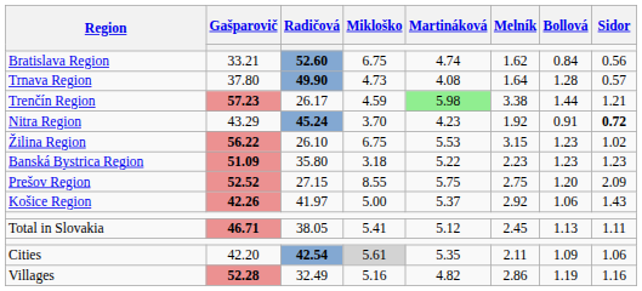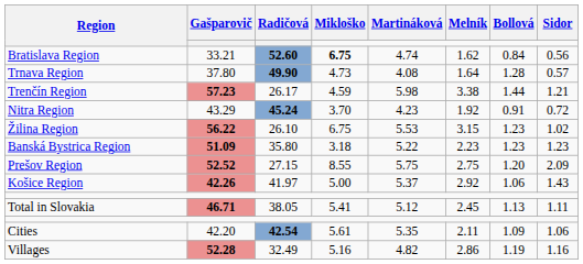 <table class="wikitable sortable" style="text-align:center;font-size:90%;line-height:14px">
 <tr style="height:40px;">
 <th style="width:200px;" rowspan="2"><a href='#'>Region</a></th>
 <th style="width:40px;"><a href='#'>Gašparovič</a></th>
 <th style="width:40px;"><a href='#'>Radičová</a></th>
 <th style="width:40px;"><a href='#'>Mikloško</a></th>
 <th style="width:40px;"><a href='#'>Martináková</a></th>
 <th style="width:40px;"><a href='#'>Melník</a></th>
 <th style="width:40px;"><a href='#'>Bollová</a></th>
 <th style="width:40px;"><a href='#'>Sidor</a></th>
 </tr>
 <tr>
 <th style="background:"></th>
 <th style="background:"></th>
 </tr>
 <tr>
 <td align="left"><a href='#'>Bratislava Region</a></td>
 <td>33.21</td>
 <td style="background:#83a8d2;"><strong>52.60</strong></td>
-<td>6.75</td>
+<td><strong>6.75</strong></td>
 <td>4.74</td>
 <td>1.62</td>
 <td>0.84</td>
 <td>0.56</td>
 </tr>
 <tr>
 <td align="left"><a href='#'>Trnava Region</a></td>
 <td>37.80</td>
 <td style="background:#83a8d2;"><strong>49.90</strong></td>
 <td>4.73</td>
 <td>4.08</td>
 <td>1.64</td>
 <td>1.28</td>
 <td>0.57</td>
 </tr>
 <tr>
 <td align="left"><a href='#'>Trenčín Region</a></td>
 <td style="background:#ec9191;"><strong>57.23</strong></td>
 <td>26.17</td>
 <td>4.59</td>
-<td style="background: lightgreen;">5.98</td>
+<td>5.98</td>
 <td>3.38</td>
 <td>1.44</td>
 <td>1.21</td>
 </tr>
 <tr>
 <td align="left"><a href='#'>Nitra Region</a></td>
 <td>43.29</td>
 <td style="background:#83a8d2;"><strong>45.24</strong></td>
 <td>3.70</td>
 <td>4.23</td>
 <td>1.92</td>
 <td>0.91</td>
-<td><strong>0.72</strong></td>
+<td>0.72</td>
 </tr>
 <tr>
 <td align="left"><a href='#'>Žilina Region</a></td>
 <td style="background:#ec9191;"><strong>56.22</strong></td>
 <td>26.10</td>
 <td>6.75</td>
 <td>5.53</td>
 <td>3.15</td>
 <td>1.23</td>
 <td>1.02</td>
 </tr>
 <tr>
 <td align="left"><a href='#'>Banská Bystrica Region</a></td>
 <td style="background:#ec9191;"><strong>51.09</strong></td>
 <td>35.80</td>
 <td>3.18</td>
 <td>5.22</td>
 <td>2.23</td>
 <td>1.23</td>
 <td>1.23</td>
 </tr>
 <tr>
 <td align="left"><a href='#'>Prešov Region</a></td>
 <td style="background:#ec9191;"><strong>52.52</strong></td>
 <td>27.15</td>
 <td>8.55</td>
 <td>5.75</td>
 <td>2.75</td>
 <td>1.20</td>
 <td>2.09</td>
 </tr>
 <tr>
 <td align="left"><a href='#'>Košice Region</a></td>
 <td style="background:#ec9191;"><strong>42.26</strong></td>
 <td>41.97</td>
 <td>5.00</td>
 <td>5.37</td>
 <td>2.92</td>
 <td>1.06</td>
 <td>1.43</td>
 </tr>
 <tr>
 <td colspan=10></td>
 </tr>
 <tr>
 <td align="left">Total in Slovakia</td>
 <td style="background:#ec9191;"><strong>46.71</strong></td>
 <td>38.05</td>
 <td>5.41</td>
 <td>5.12</td>
 <td>2.45</td>
 <td>1.13</td>
 <td>1.11</td>
 </tr>
 <tr>
 <td colspan=10></td>
 </tr>
 <tr>
 <td align="left">Cities</td>
 <td>42.20</td>
 <td style="background:#83a8d2;"><strong>42.54</strong></td>
-<td style="background: lightgrey;">5.61</td>
+<td>5.61</td>
 <td>5.35</td>
 <td>2.11</td>
 <td>1.09</td>
 <td>1.06</td>
 </tr>
 <tr>
 <td align="left">Villages</td>
 <td style="background:#ec9191;"><strong>52.28</strong></td>
 <td>32.49</td>
 <td>5.16</td>
 <td>4.82</td>
 <td>2.86</td>
 <td>1.19</td>
 <td>1.16</td>
 </tr>
 </table>
